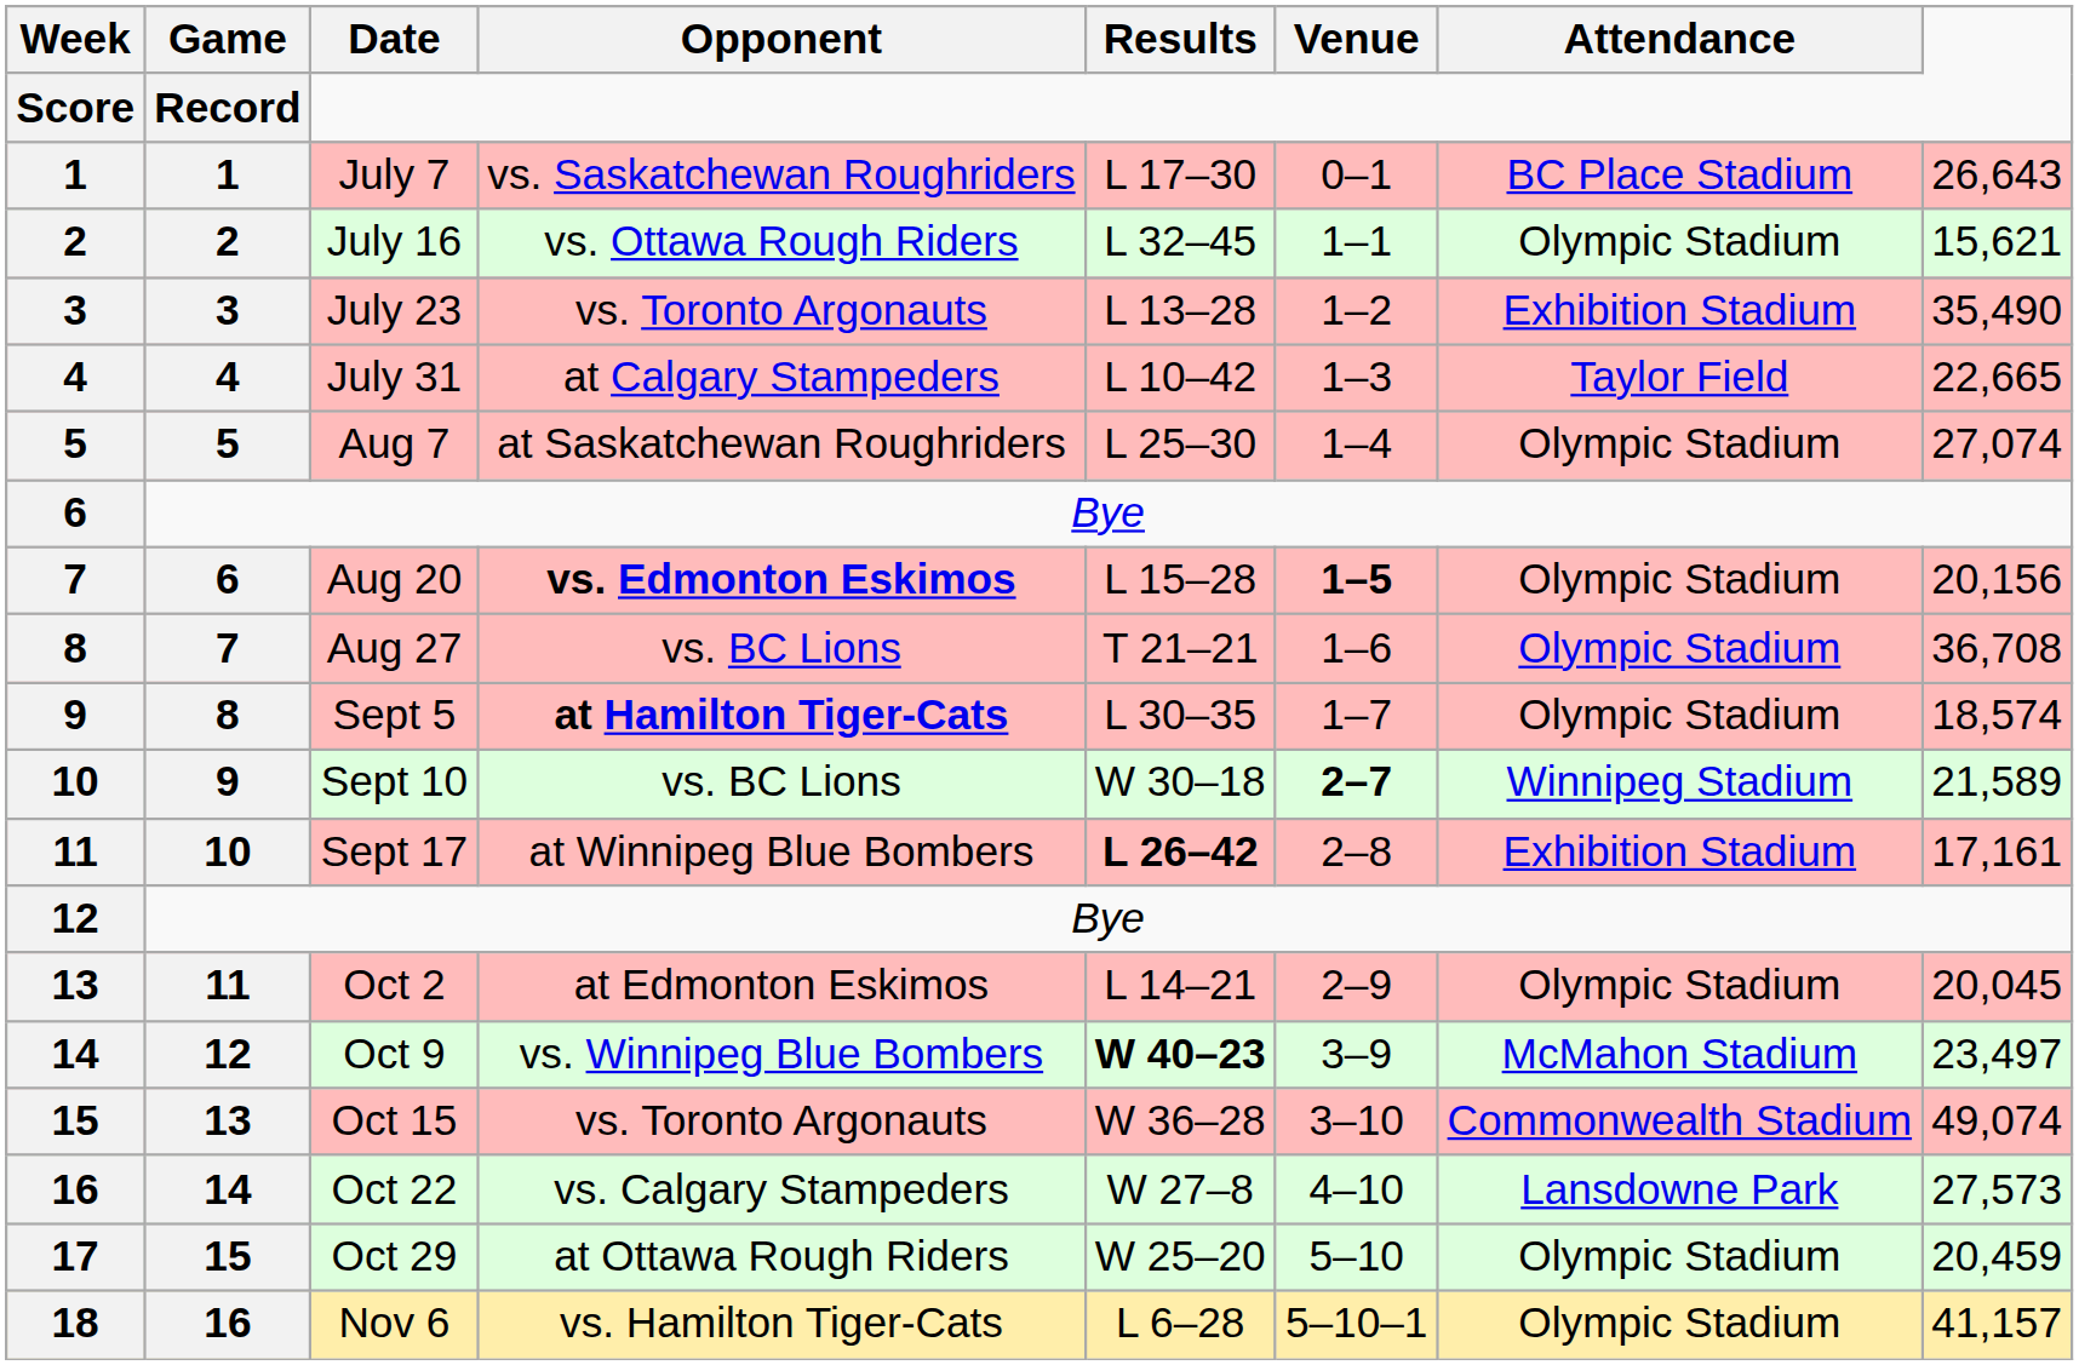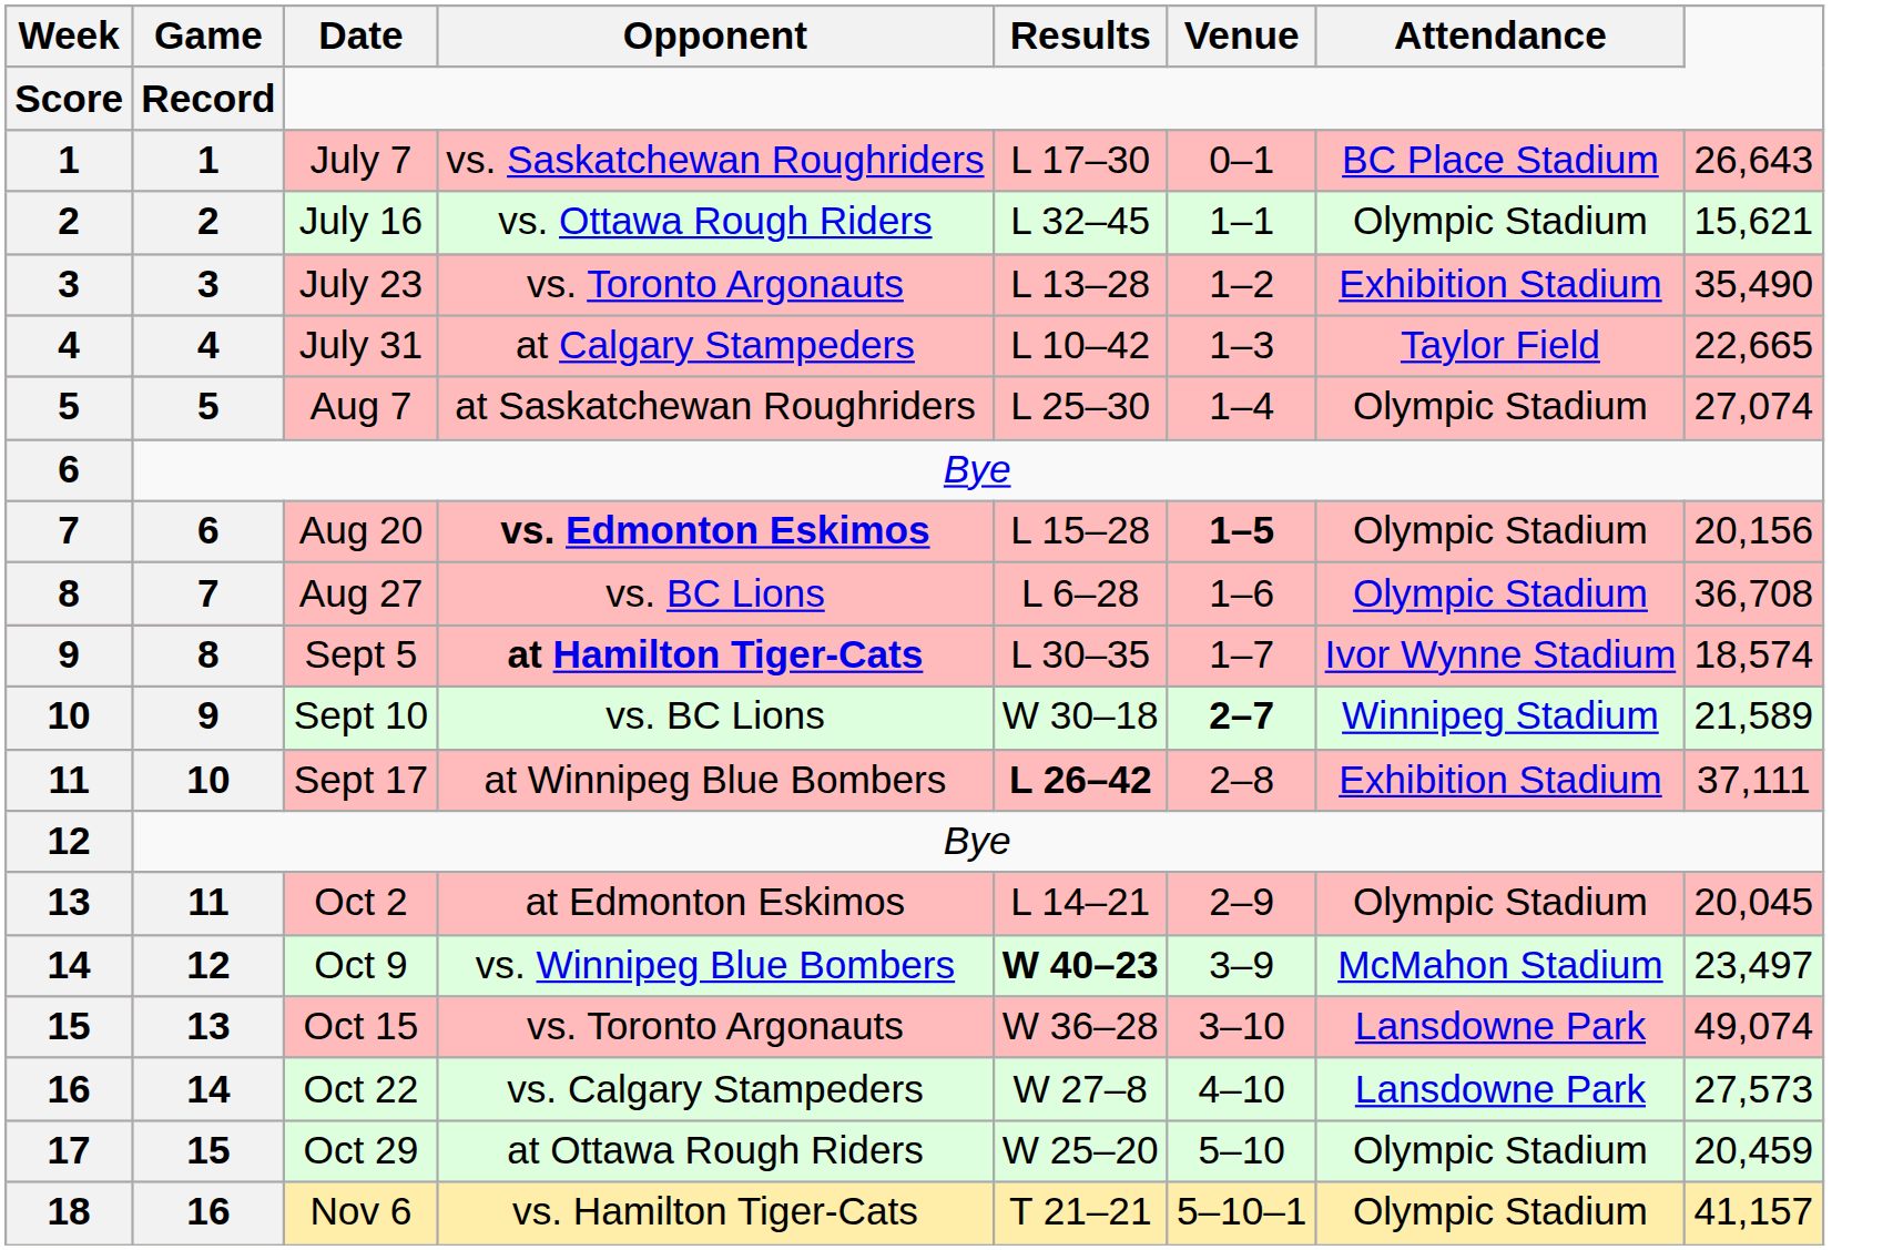 <table class="wikitable" style="text-align:center">
 <tr>
 <th>Week</th>
 <th>Game</th>
 <th>Date</th>
 <th>Opponent</th>
 <th>Results</th>
 <th>Venue</th>
 <th>Attendance</th>
 </tr>
 <tr>
 <th>Score</th>
 <th>Record</th>
 </tr>
 <tr style="background:#ffbbbb">
 <th>1</th>
 <th>1</th>
 <td>July 7</td>
 <td>vs. <a href='#'>Saskatchewan Roughriders</a></td>
 <td>L 17–30</td>
 <td>0–1</td>
 <td><a href='#'>BC Place Stadium</a></td>
 <td>26,643</td>
 </tr>
 <tr style="background:#ddffdd">
 <th>2</th>
 <th>2</th>
 <td>July 16</td>
 <td>vs. <a href='#'>Ottawa Rough Riders</a></td>
 <td>L 32–45</td>
 <td>1–1</td>
 <td>Olympic Stadium</td>
 <td>15,621</td>
 </tr>
 <tr style="background:#ffbbbb">
 <th>3</th>
 <th>3</th>
 <td>July 23</td>
 <td>vs. <a href='#'>Toronto Argonauts</a></td>
 <td>L 13–28</td>
 <td>1–2</td>
 <td><a href='#'>Exhibition Stadium</a></td>
 <td>35,490</td>
 </tr>
 <tr style="background:#ffbbbb">
 <th>4</th>
 <th>4</th>
 <td>July 31</td>
 <td>at <a href='#'>Calgary Stampeders</a></td>
 <td>L 10–42</td>
 <td>1–3</td>
 <td><a href='#'>Taylor Field</a></td>
 <td>22,665</td>
 </tr>
 <tr style="background:#ffbbbb">
 <th>5</th>
 <th>5</th>
 <td>Aug 7</td>
 <td>at Saskatchewan Roughriders</td>
 <td>L 25–30</td>
 <td>1–4</td>
 <td>Olympic Stadium</td>
 <td>27,074</td>
 </tr>
 <tr>
 <th>6</th>
 <td colspan=7><em><a href='#'>Bye</a></em></td>
 </tr>
 <tr style="background:#ffbbbb">
 <th>7</th>
 <th>6</th>
 <td>Aug 20</td>
 <td><strong>vs. <a href='#'>Edmonton Eskimos</a></strong></td>
 <td>L 15–28</td>
 <td><strong>1–5</strong></td>
 <td>Olympic Stadium</td>
 <td>20,156</td>
 </tr>
 <tr style="background:#ffbbbb">
 <th>8</th>
 <th>7</th>
 <td>Aug 27</td>
 <td>vs. <a href='#'>BC Lions</a></td>
-<td>T 21–21</td>
+<td>L 6–28</td>
 <td>1–6</td>
 <td><a href='#'>Olympic Stadium</a></td>
 <td>36,708</td>
 </tr>
 <tr style="background:#ffbbbb">
 <th>9</th>
 <th>8</th>
 <td>Sept 5</td>
 <td><strong>at <a href='#'>Hamilton Tiger-Cats</a></strong></td>
 <td>L 30–35</td>
 <td>1–7</td>
-<td>Olympic Stadium</td>
+<td><a href='#'>Ivor Wynne Stadium</a></td>
 <td>18,574</td>
 </tr>
 <tr style="background:#ddffdd">
 <th>10</th>
 <th>9</th>
 <td>Sept 10</td>
 <td>vs. BC Lions</td>
 <td>W 30–18</td>
 <td><strong>2–7</strong></td>
 <td><a href='#'>Winnipeg Stadium</a></td>
 <td>21,589</td>
 </tr>
 <tr style="background:#ffbbbb">
 <th>11</th>
 <th>10</th>
 <td>Sept 17</td>
 <td>at Winnipeg Blue Bombers</td>
 <td><strong>L 26–42</strong></td>
 <td>2–8</td>
 <td><a href='#'>Exhibition Stadium</a></td>
-<td>17,161</td>
+<td>37,111</td>
 </tr>
 <tr>
 <th>12</th>
 <td colspan=7><em>Bye</em></td>
 </tr>
 <tr style="background:#ffbbbb">
 <th>13</th>
 <th>11</th>
 <td>Oct 2</td>
 <td>at Edmonton Eskimos</td>
 <td>L 14–21</td>
 <td>2–9</td>
 <td>Olympic Stadium</td>
 <td>20,045</td>
 </tr>
 <tr style="background:#ddffdd">
 <th>14</th>
 <th>12</th>
 <td>Oct 9</td>
 <td>vs. <a href='#'>Winnipeg Blue Bombers</a></td>
 <td><strong>W 40–23</strong></td>
 <td>3–9</td>
 <td><a href='#'>McMahon Stadium</a></td>
 <td>23,497</td>
 </tr>
 <tr style="background:#ffbbbb">
 <th>15</th>
 <th>13</th>
 <td>Oct 15</td>
 <td>vs. Toronto Argonauts</td>
 <td>W 36–28</td>
 <td>3–10</td>
-<td><a href='#'>Commonwealth Stadium</a></td>
+<td><a href='#'>Lansdowne Park</a></td>
 <td>49,074</td>
 </tr>
 <tr style="background:#ddffdd">
 <th>16</th>
 <th>14</th>
 <td>Oct 22</td>
 <td>vs. Calgary Stampeders</td>
 <td>W 27–8</td>
 <td>4–10</td>
 <td><a href='#'>Lansdowne Park</a></td>
 <td>27,573</td>
 </tr>
 <tr style="background:#ddffdd">
 <th>17</th>
 <th>15</th>
 <td>Oct 29</td>
 <td>at Ottawa Rough Riders</td>
 <td>W 25–20</td>
 <td>5–10</td>
 <td>Olympic Stadium</td>
 <td>20,459</td>
 </tr>
 <tr style="background:#ffeeaa">
 <th>18</th>
 <th>16</th>
 <td>Nov 6</td>
 <td>vs. Hamilton Tiger-Cats</td>
-<td>L 6–28</td>
+<td>T 21–21</td>
 <td>5–10–1</td>
 <td>Olympic Stadium</td>
 <td>41,157</td>
 </tr>
 </table>
